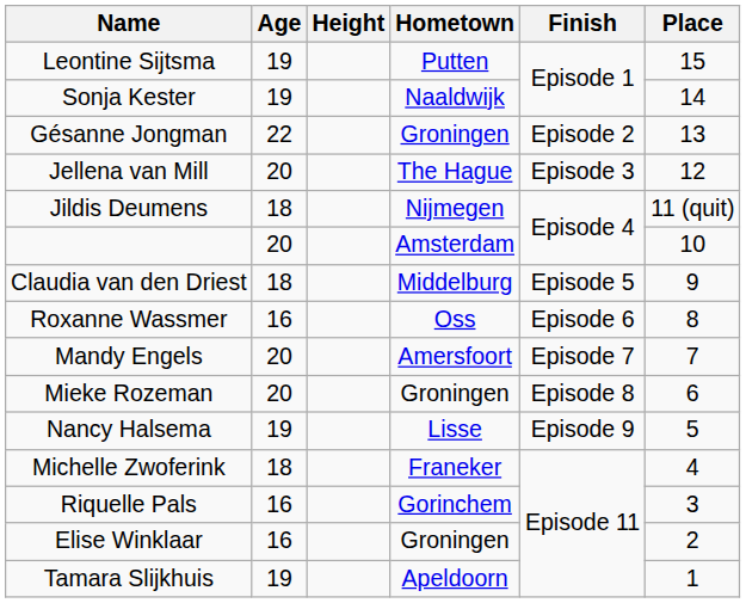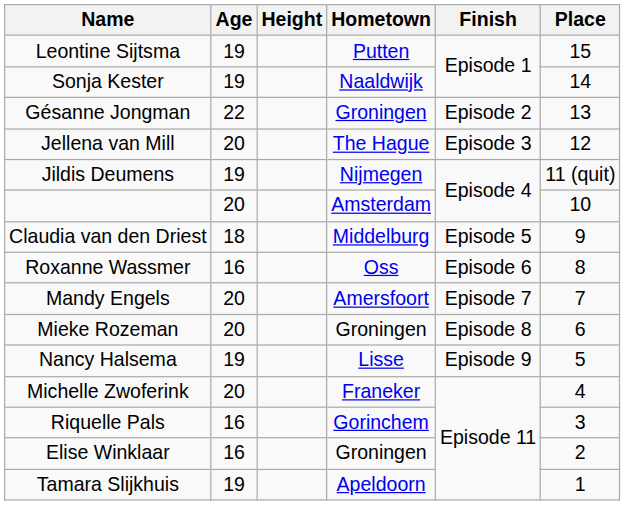 <table class="wikitable sortable" style="text-align:center;">
 <tr>
 <th>Name</th>
 <th>Age</th>
 <th>Height</th>
 <th>Hometown</th>
 <th>Finish</th>
 <th>Place</th>
 </tr>
 <tr>
 <td>Leontine Sijtsma</td>
 <td>19</td>
 <td></td>
 <td><a href='#'>Putten</a></td>
 <td rowspan="2">Episode 1</td>
 <td>15</td>
 </tr>
 <tr>
 <td>Sonja Kester</td>
 <td>19</td>
 <td></td>
 <td><a href='#'>Naaldwijk</a></td>
 <td>14</td>
 </tr>
 <tr>
 <td>Gésanne Jongman</td>
 <td>22</td>
 <td></td>
 <td><a href='#'>Groningen</a></td>
 <td>Episode 2</td>
 <td>13</td>
 </tr>
 <tr>
 <td>Jellena van Mill</td>
 <td>20</td>
 <td></td>
 <td><a href='#'>The Hague</a></td>
 <td>Episode 3</td>
 <td>12</td>
 </tr>
 <tr>
 <td>Jildis Deumens</td>
-<td>18</td>
+<td>19</td>
 <td></td>
 <td><a href='#'>Nijmegen</a></td>
 <td rowspan="2">Episode 4</td>
 <td>11 (quit)</td>
 </tr>
 <tr>
 <td></td>
 <td>20</td>
 <td></td>
 <td><a href='#'>Amsterdam</a></td>
 <td>10</td>
 </tr>
 <tr>
 <td>Claudia van den Driest</td>
 <td>18</td>
 <td></td>
 <td><a href='#'>Middelburg</a></td>
 <td>Episode 5</td>
 <td>9</td>
 </tr>
 <tr>
 <td>Roxanne Wassmer</td>
 <td>16</td>
 <td></td>
 <td><a href='#'>Oss</a></td>
 <td>Episode 6</td>
 <td>8</td>
 </tr>
 <tr>
 <td>Mandy Engels</td>
 <td>20</td>
 <td></td>
 <td><a href='#'>Amersfoort</a></td>
 <td>Episode 7</td>
 <td>7</td>
 </tr>
 <tr>
 <td>Mieke Rozeman</td>
 <td>20</td>
 <td></td>
 <td>Groningen</td>
 <td>Episode 8</td>
 <td>6</td>
 </tr>
 <tr>
 <td>Nancy Halsema</td>
 <td>19</td>
 <td></td>
 <td><a href='#'>Lisse</a></td>
 <td>Episode 9</td>
 <td>5</td>
 </tr>
 <tr>
 <td>Michelle Zwoferink</td>
-<td>18</td>
+<td>20</td>
 <td></td>
 <td><a href='#'>Franeker</a></td>
 <td rowspan="4">Episode 11</td>
 <td>4</td>
 </tr>
 <tr>
 <td>Riquelle Pals</td>
 <td>16</td>
 <td></td>
 <td><a href='#'>Gorinchem</a></td>
 <td>3</td>
 </tr>
 <tr>
 <td>Elise Winklaar</td>
 <td>16</td>
 <td></td>
 <td>Groningen</td>
 <td>2</td>
 </tr>
 <tr>
 <td>Tamara Slijkhuis</td>
 <td>19</td>
 <td></td>
 <td><a href='#'>Apeldoorn</a></td>
 <td>1</td>
 </tr>
 </table>
